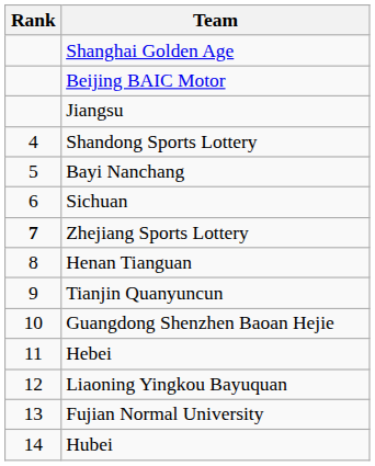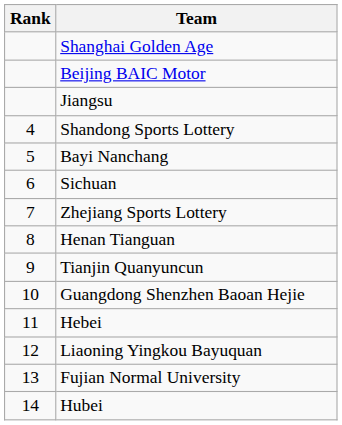 <table class="wikitable" style="text-align:center;">
 <tr>
 <th width=40>Rank</th>
 <th width=250>Team</th>
 </tr>
 <tr>
 <td></td>
 <td style="text-align:left;"><a href='#'>Shanghai Golden Age</a></td>
 </tr>
 <tr>
 <td></td>
 <td style="text-align:left;"><a href='#'>Beijing BAIC Motor</a></td>
 </tr>
 <tr>
 <td></td>
 <td style="text-align:left;">Jiangsu</td>
 </tr>
 <tr>
 <td>4</td>
 <td style="text-align:left;">Shandong Sports Lottery</td>
 </tr>
 <tr>
 <td>5</td>
 <td style="text-align:left;">Bayi Nanchang</td>
 </tr>
 <tr>
 <td>6</td>
 <td style="text-align:left;">Sichuan</td>
 </tr>
 <tr>
-<td><strong>7</strong></td>
+<td>7</td>
 <td style="text-align:left;">Zhejiang Sports Lottery</td>
 </tr>
 <tr>
 <td>8</td>
 <td style="text-align:left;">Henan Tianguan</td>
 </tr>
 <tr>
 <td>9</td>
 <td style="text-align:left;">Tianjin Quanyuncun</td>
 </tr>
 <tr>
 <td>10</td>
 <td style="text-align:left;">Guangdong Shenzhen Baoan Hejie</td>
 </tr>
 <tr>
 <td>11</td>
 <td style="text-align:left;">Hebei</td>
 </tr>
 <tr>
 <td>12</td>
 <td style="text-align:left;">Liaoning Yingkou Bayuquan</td>
 </tr>
 <tr>
 <td>13</td>
 <td style="text-align:left;">Fujian Normal University</td>
 </tr>
 <tr>
 <td>14</td>
 <td style="text-align:left;">Hubei</td>
 </tr>
 </table>
